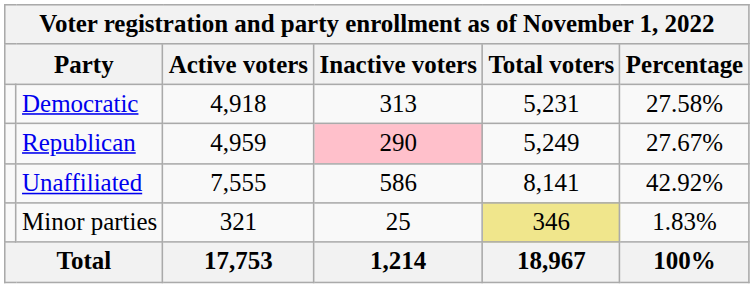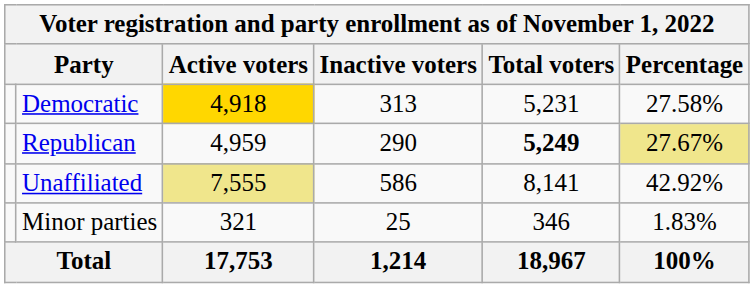 <table class=wikitable>
 <tr>
 <th colspan = 6>Voter registration and party enrollment as of November 1, 2022</th>
 </tr>
 <tr>
 <th colspan = 2>Party</th>
 <th>Active voters</th>
 <th>Inactive voters</th>
 <th>Total voters</th>
 <th>Percentage</th>
 </tr>
 <tr>
 <td></td>
 <td><a href='#'>Democratic</a></td>
-<td align = center>4,918</td>
+<td align = center style="background: gold;">4,918</td>
 <td align = center>313</td>
 <td align = center>5,231</td>
 <td align = center>27.58%</td>
 </tr>
 <tr>
 <td></td>
 <td><a href='#'>Republican</a></td>
 <td align = center>4,959</td>
-<td align = center style="background: pink;">290</td>
-<td align = center>5,249</td>
-<td align = center>27.67%</td>
+<td align = center>290</td>
+<td align = center><strong>5,249</strong></td>
+<td align = center style="background: khaki;">27.67%</td>
 </tr>
 <tr>
 <td></td>
 <td><a href='#'>Unaffiliated</a></td>
-<td align = center>7,555</td>
+<td align = center style="background: khaki;">7,555</td>
 <td align = center>586</td>
 <td align = center>8,141</td>
 <td align = center>42.92%</td>
 </tr>
 <tr>
 <td></td>
 <td>Minor parties</td>
 <td align = center>321</td>
 <td align = center>25</td>
-<td align = center style="background: khaki;">346</td>
+<td align = center>346</td>
 <td align = center>1.83%</td>
 </tr>
 <tr>
 <th colspan = 2>Total</th>
 <th align = center>17,753</th>
 <th align = center>1,214</th>
 <th align = center>18,967</th>
 <th align = center>100%</th>
 </tr>
 </table>
